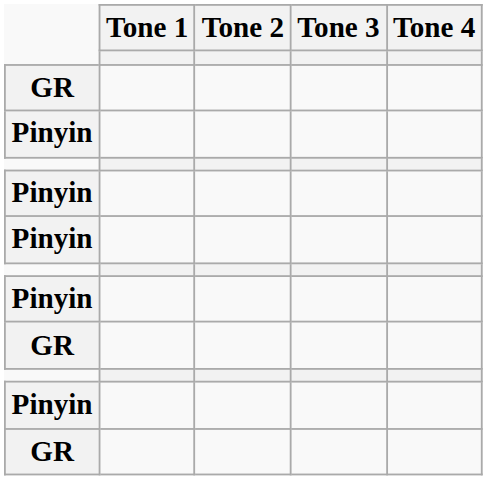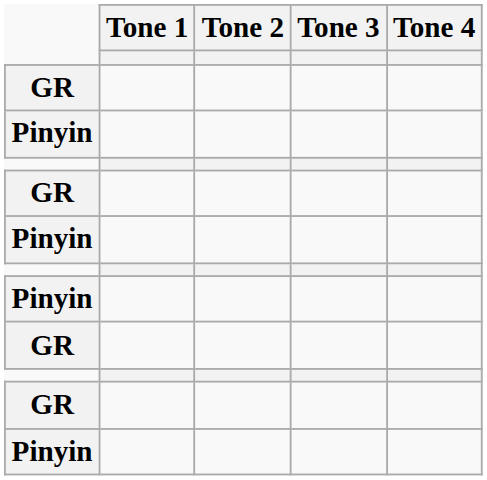 <table class="wikitable" style="border:none;text-align:center">
 <tr>
 <th style="border:none;background:none"></th>
 <th scope="col">Tone 1</th>
 <th scope="col">Tone 2</th>
 <th scope="col">Tone 3</th>
 <th scope="col">Tone 4</th>
 </tr>
 <tr>
 <td scope="row" style="border:none;background:none"></td>
 <th></th>
 <th></th>
 <th></th>
 <th></th>
 </tr>
 <tr>
 <th scope="row" style="margin-top 2em">GR</th>
 <td></td>
 <td></td>
 <td></td>
 <td></td>
 </tr>
 <tr>
 <th scope="row">Pinyin</th>
 <td></td>
 <td></td>
 <td></td>
 <td></td>
 </tr>
 <tr>
 <th scope="row" style="border:none;background:none"></th>
 <th></th>
 <th></th>
 <th></th>
 <th></th>
 </tr>
 <tr>
-<th scope="row">Pinyin</th>
+<th scope="row">GR</th>
 <td></td>
 <td></td>
 <td></td>
 <td></td>
 </tr>
 <tr>
 <th scope="row">Pinyin</th>
 <td></td>
 <td></td>
 <td></td>
 <td></td>
 </tr>
 <tr>
 <td scope="row" style="border:none;background:none"></td>
 <th></th>
 <th></th>
 <th></th>
 <th></th>
 </tr>
 <tr>
 <th scope="row">Pinyin</th>
 <td></td>
 <td></td>
 <td></td>
 <td></td>
 </tr>
 <tr>
 <th scope="row">GR</th>
 <td></td>
 <td></td>
 <td></td>
 <td></td>
 </tr>
 <tr>
 <td scope="row" style="border:none;background:none"></td>
 <th></th>
 <th></th>
 <th></th>
 <th></th>
 </tr>
 <tr>
+<th scope="row">GR</th>
+<td></td>
+<td></td>
+<td></td>
+<td></td>
+</tr>
+<tr>
 <th scope="row">Pinyin</th>
 <td></td>
 <td></td>
 <td></td>
 <td></td>
 </tr>
-<tr>
-<th scope="row">GR</th>
-<td></td>
-<td></td>
-<td></td>
-<td></td>
-</tr>
 </table>
